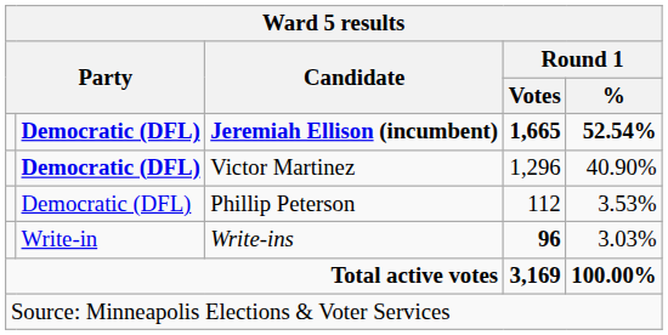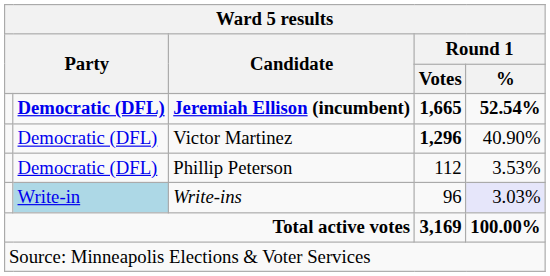 <table class="wikitable">
 <tr>
 <th colspan="5">Ward 5 results</th>
 </tr>
 <tr>
 <th rowspan="2" colspan="2">Party</th>
 <th rowspan="2">Candidate</th>
 <th colspan="2">Round 1</th>
 </tr>
 <tr>
 <th>Votes</th>
 <th>%</th>
 </tr>
 <tr>
 <td style="background-color:"></td>
 <td><strong><a href='#'>Democratic (DFL)</a></strong></td>
 <td><strong><a href='#'>Jeremiah Ellison</a> (incumbent)</strong></td>
 <td align="right"><strong>1,665</strong></td>
 <td align="right"><strong>52.54%</strong></td>
 </tr>
 <tr>
 <td style="background-color:"></td>
-<td><strong><a href='#'>Democratic (DFL)</a></strong></td>
+<td><a href='#'>Democratic (DFL)</a></td>
 <td>Victor Martinez</td>
-<td align="right">1,296</td>
+<td align="right"><strong>1,296</strong></td>
 <td align="right">40.90%</td>
 </tr>
 <tr>
 <td style="background-color:"></td>
 <td><a href='#'>Democratic (DFL)</a></td>
 <td>Phillip Peterson</td>
 <td align="right">112</td>
 <td align="right">3.53%</td>
 </tr>
 <tr>
 <td style="background-color:"></td>
-<td><a href='#'>Write-in</a></td>
+<td style="background: lightblue;"><a href='#'>Write-in</a></td>
 <td><em>Write-ins</em></td>
-<td align="right"><strong>96</strong></td>
-<td align="right">3.03%</td>
+<td align="right">96</td>
+<td align="right" style="background: lavender;">3.03%</td>
 </tr>
 <tr align="right">
 <td colspan="3"><strong>Total active votes</strong></td>
 <td><strong>3,169</strong></td>
 <td><strong>100.00%</strong></td>
 </tr>
 <tr>
 <td colspan="7">Source: Minneapolis Elections & Voter Services</td>
 </tr>
 </table>
